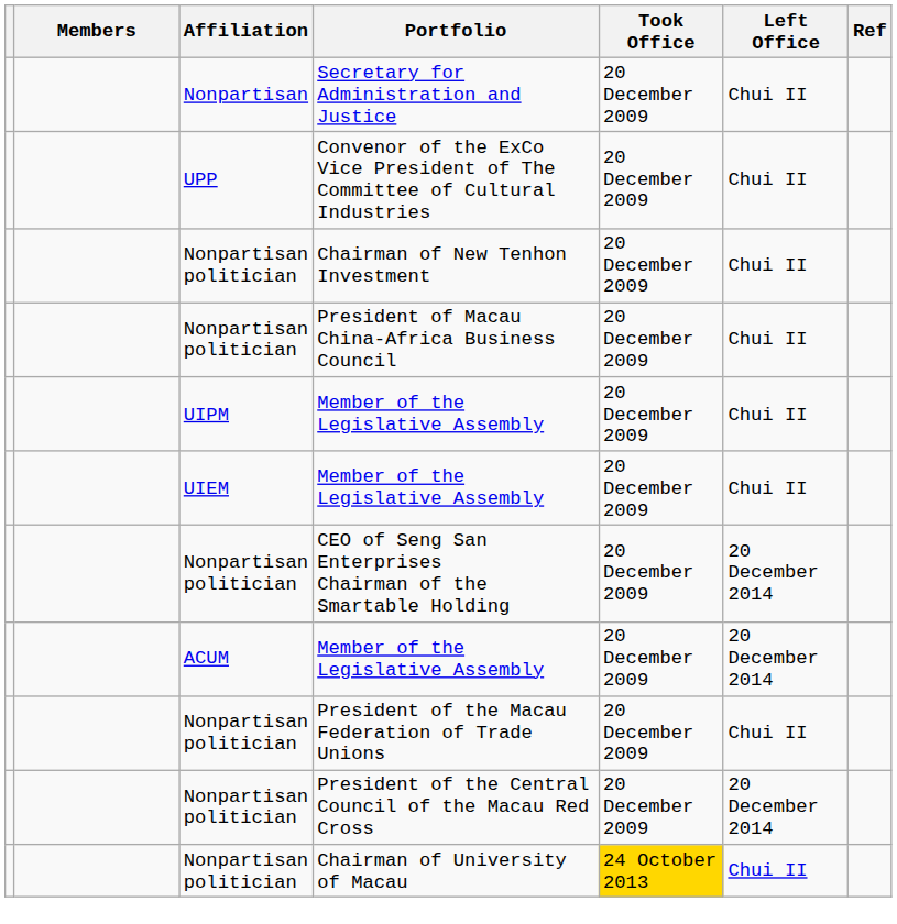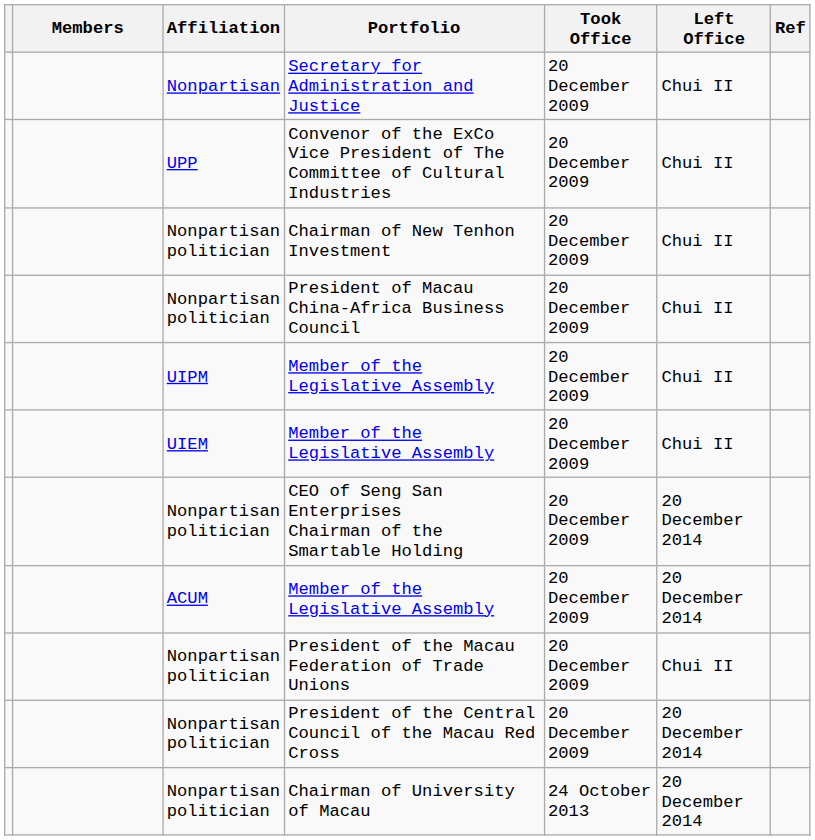 <table class="wikitable">
 <tr>
 <th class="unsortable"></th>
 <th width="230px">Members</th>
 <th width="50px">Affiliation</th>
 <th width="380px">Portfolio</th>
 <th width="120px">Took Office</th>
 <th width="120px">Left Office</th>
 <th>Ref</th>
 </tr>
 <tr>
 <td></td>
 <td><strong></strong></td>
 <td><a href='#'>Nonpartisan</a></td>
 <td><a href='#'>Secretary for Administration and Justice</a></td>
 <td>20 December 2009</td>
 <td>Chui II</td>
 <td></td>
 </tr>
 <tr>
 <td></td>
 <td><strong></strong></td>
 <td><a href='#'>UPP</a></td>
 <td>Convenor of the ExCo<br>Vice President of The Committee of Cultural Industries</td>
 <td>20 December 2009</td>
 <td>Chui II</td>
 <td></td>
 </tr>
 <tr>
 <td></td>
 <td><strong></strong></td>
 <td>Nonpartisan politician</td>
 <td>Chairman of New Tenhon Investment</td>
 <td>20 December 2009</td>
 <td>Chui II</td>
 <td></td>
 </tr>
 <tr>
 <td></td>
 <td><strong></strong></td>
 <td>Nonpartisan politician</td>
 <td>President of Macau China-Africa Business Council</td>
 <td>20 December 2009</td>
 <td>Chui II</td>
 <td></td>
 </tr>
 <tr>
 <td></td>
 <td><strong></strong></td>
 <td><a href='#'>UIPM</a></td>
 <td><a href='#'>Member of the Legislative Assembly</a></td>
 <td>20 December 2009</td>
 <td>Chui II</td>
 <td></td>
 </tr>
 <tr>
 <td></td>
 <td><strong></strong></td>
 <td><a href='#'>UIEM</a></td>
 <td><a href='#'>Member of the Legislative Assembly</a></td>
 <td>20 December 2009</td>
 <td>Chui II</td>
 <td></td>
 </tr>
 <tr>
 <td></td>
 <td><strong></strong></td>
 <td>Nonpartisan politician</td>
 <td>CEO of Seng San Enterprises<br>Chairman of the Smartable Holding</td>
 <td>20 December 2009</td>
 <td>20 December 2014</td>
 <td></td>
 </tr>
 <tr>
 <td></td>
 <td><strong></strong></td>
 <td><a href='#'>ACUM</a></td>
 <td><a href='#'>Member of the Legislative Assembly</a></td>
 <td>20 December 2009</td>
 <td>20 December 2014</td>
 <td></td>
 </tr>
 <tr>
 <td></td>
 <td><strong></strong></td>
 <td>Nonpartisan politician</td>
 <td>President of the Macau Federation of Trade Unions</td>
 <td>20 December 2009</td>
 <td>Chui II</td>
 <td></td>
 </tr>
 <tr>
 <td></td>
 <td><strong></strong></td>
 <td>Nonpartisan politician</td>
 <td>President of the Central Council of the Macau Red Cross</td>
 <td>20 December 2009</td>
 <td>20 December 2014</td>
 <td></td>
 </tr>
 <tr>
 <td></td>
 <td><strong></strong></td>
 <td>Nonpartisan politician</td>
 <td>Chairman of University of Macau</td>
-<td style="background: gold;">24 October 2013</td>
-<td><a href='#'>Chui II</a></td>
+<td>24 October 2013</td>
+<td>20 December 2014</td>
 <td></td>
 </tr>
 </table>
